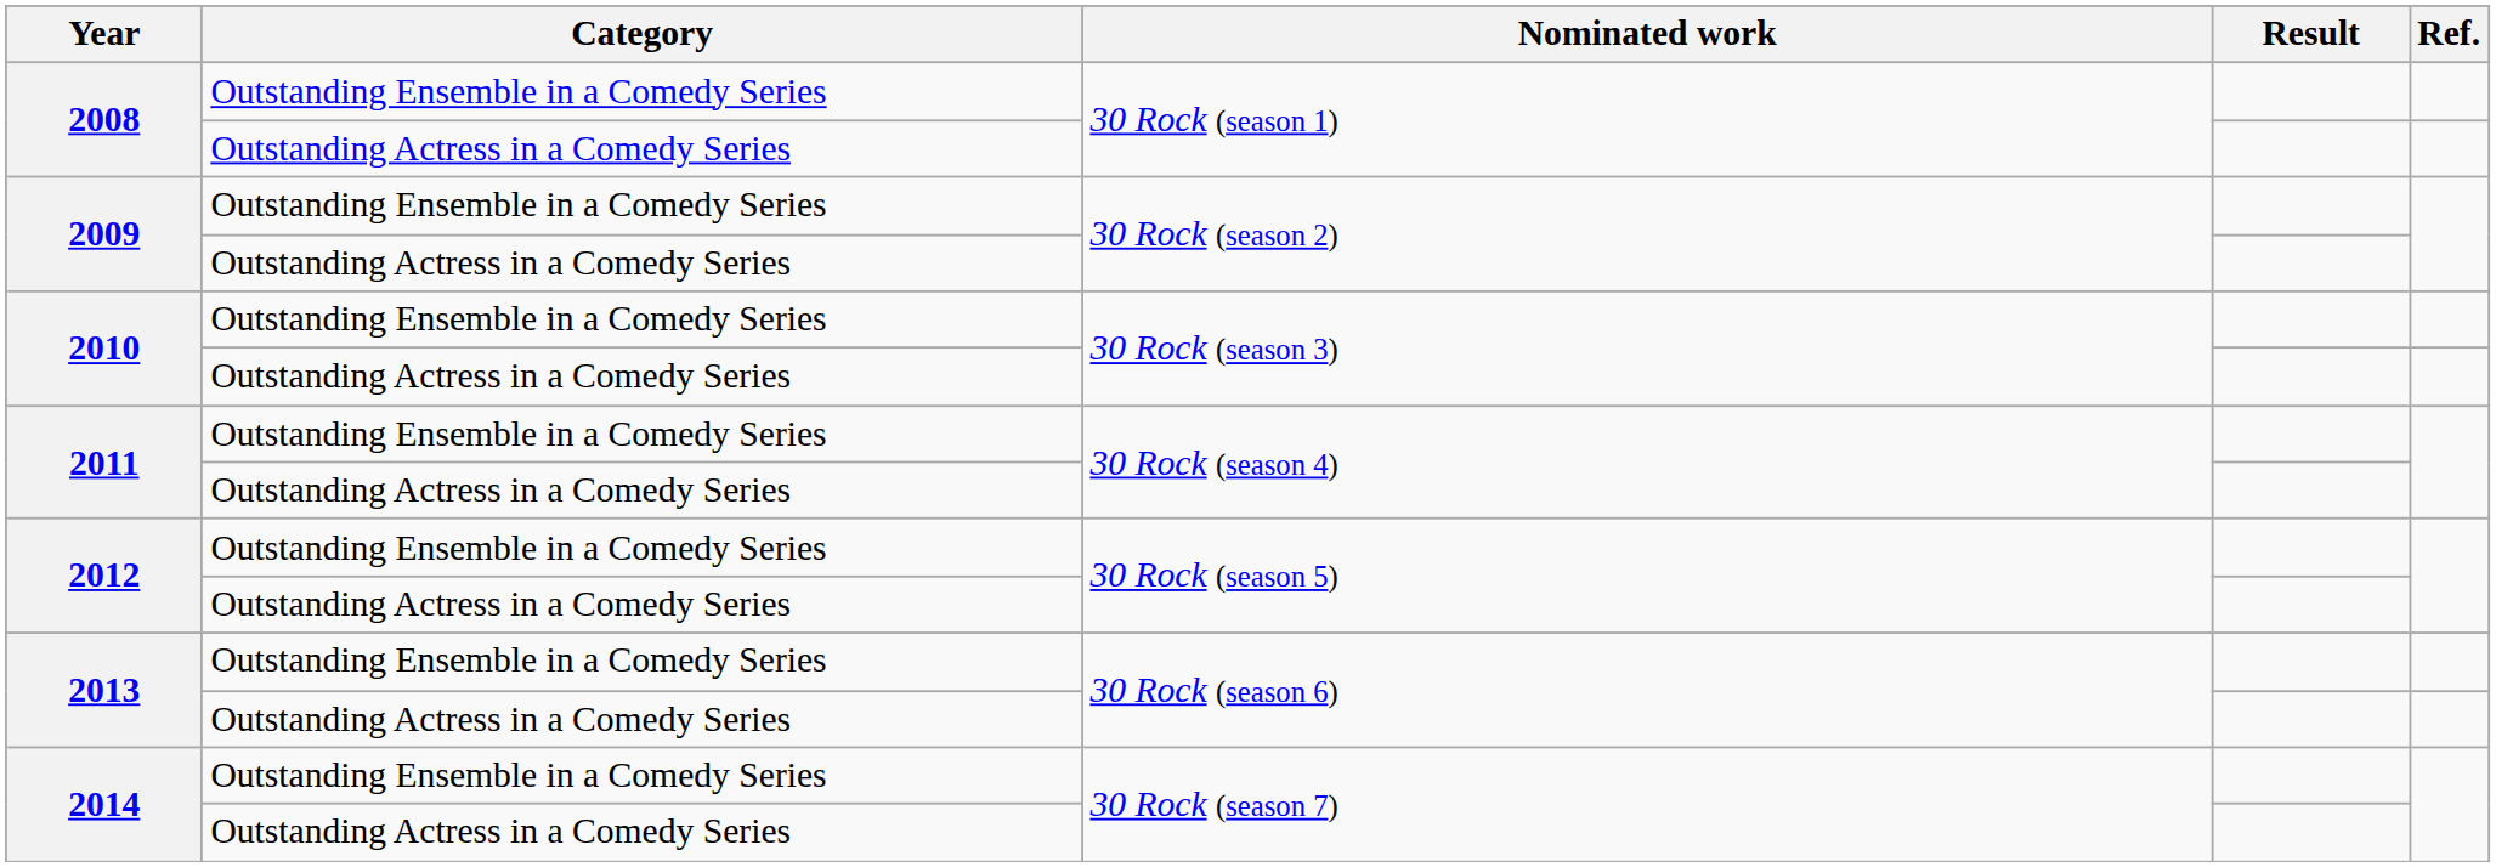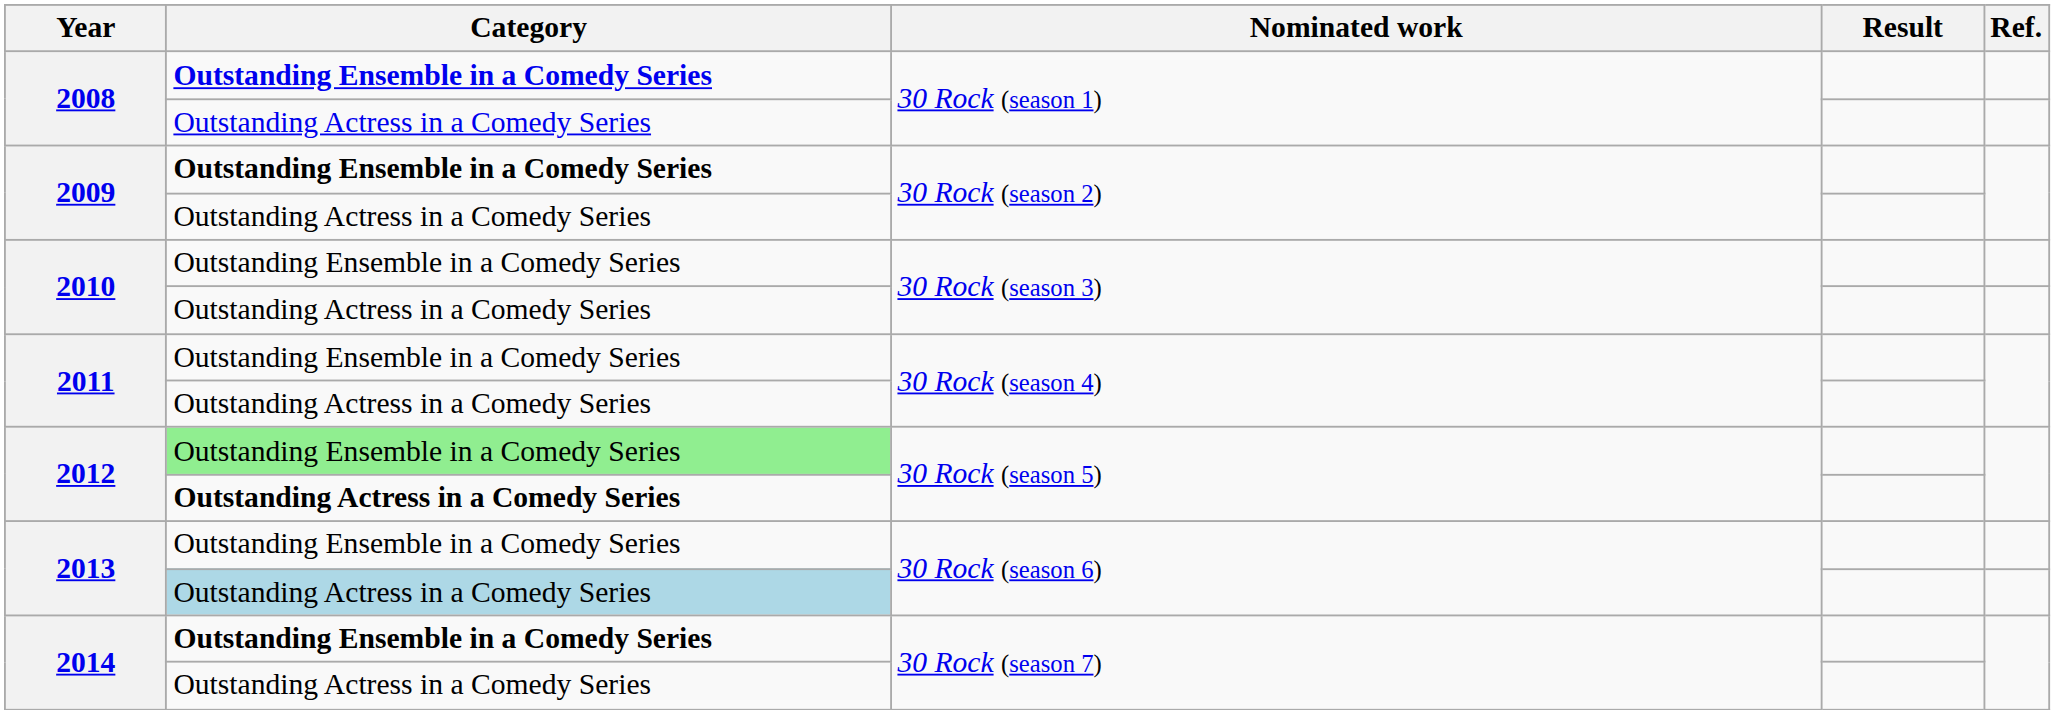 <table class=wikitable>
 <tr>
 <th scope="col" style="width:5em;">Year</th>
 <th scope="col" style="width:24em;">Category</th>
 <th scope="col" style="width:31em;">Nominated work</th>
 <th scope="col" style="width:5em;">Result</th>
 <th>Ref.</th>
 </tr>
 <tr>
 <th row=scope style="text-align:center;", rowspan="2"><a href='#'>2008</a></th>
-<td><a href='#'>Outstanding Ensemble in a Comedy Series</a></td>
+<td><strong><a href='#'>Outstanding Ensemble in a Comedy Series</a></strong></td>
 <td rowspan=2><em><a href='#'>30 Rock</a></em> <small> (<a href='#'>season 1</a>) </small></td>
 <td></td>
 <td style="text-align:center;"></td>
 </tr>
 <tr>
 <td><a href='#'>Outstanding Actress in a Comedy Series</a></td>
 <td></td>
 <td style="text-align:center;"></td>
 </tr>
 <tr>
 <th row=scope style="text-align:center;", rowspan="2"><a href='#'>2009</a></th>
-<td>Outstanding Ensemble in a Comedy Series</td>
+<td><strong>Outstanding Ensemble in a Comedy Series</strong></td>
 <td rowspan=2><em><a href='#'>30 Rock</a></em> <small> (<a href='#'>season 2</a>) </small></td>
 <td></td>
 <td rowspan="2" style="text-align:center;"></td>
 </tr>
 <tr>
 <td>Outstanding Actress in a Comedy Series</td>
 <td></td>
 </tr>
 <tr>
 <th row=scope style="text-align:center;", rowspan="2"><a href='#'>2010</a></th>
 <td>Outstanding Ensemble in a Comedy Series</td>
 <td rowspan=2><em><a href='#'>30 Rock</a></em> <small> (<a href='#'>season 3</a>) </small></td>
 <td></td>
 <td style="text-align:center;"></td>
 </tr>
 <tr>
 <td>Outstanding Actress in a Comedy Series</td>
 <td></td>
 <td style="text-align:center;"></td>
 </tr>
 <tr>
 <th row=scope style="text-align:center;", rowspan="2"><a href='#'>2011</a></th>
 <td>Outstanding Ensemble in a Comedy Series</td>
 <td rowspan=2><em><a href='#'>30 Rock</a></em> <small> (<a href='#'>season 4</a>) </small></td>
 <td></td>
 <td rowspan="2" style="text-align:center;"></td>
 </tr>
 <tr>
 <td>Outstanding Actress in a Comedy Series</td>
 <td></td>
 </tr>
 <tr>
 <th row=scope style="text-align:center;", rowspan="2"><a href='#'>2012</a></th>
-<td>Outstanding Ensemble in a Comedy Series</td>
+<td style="background: lightgreen;">Outstanding Ensemble in a Comedy Series</td>
 <td rowspan=2><em><a href='#'>30 Rock</a></em> <small> (<a href='#'>season 5</a>) </small></td>
 <td></td>
 <td rowspan="2" style="text-align:center;"></td>
 </tr>
 <tr>
-<td>Outstanding Actress in a Comedy Series</td>
+<td><strong>Outstanding Actress in a Comedy Series</strong></td>
 <td></td>
 </tr>
 <tr>
 <th row=scope style="text-align:center;", rowspan="2"><a href='#'>2013</a></th>
 <td>Outstanding Ensemble in a Comedy Series</td>
 <td rowspan=2><em><a href='#'>30 Rock</a></em> <small> (<a href='#'>season 6</a>) </small></td>
 <td></td>
 <td style="text-align:center;"></td>
 </tr>
 <tr>
-<td>Outstanding Actress in a Comedy Series</td>
+<td style="background: lightblue;">Outstanding Actress in a Comedy Series</td>
 <td></td>
 <td style="text-align:center;"></td>
 </tr>
 <tr>
 <th row=scope style="text-align:center;", rowspan="2"><a href='#'>2014</a></th>
-<td>Outstanding Ensemble in a Comedy Series</td>
+<td><strong>Outstanding Ensemble in a Comedy Series</strong></td>
 <td rowspan=2><em><a href='#'>30 Rock</a></em> <small> (<a href='#'>season 7</a>) </small></td>
 <td></td>
 <td rowspan="2" style="text-align:center;"></td>
 </tr>
 <tr>
 <td>Outstanding Actress in a Comedy Series</td>
 <td></td>
 </tr>
 </table>
